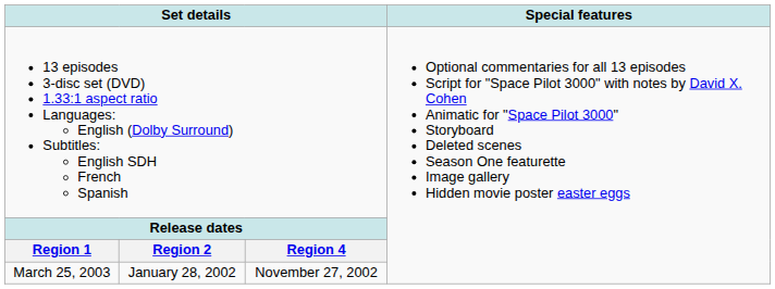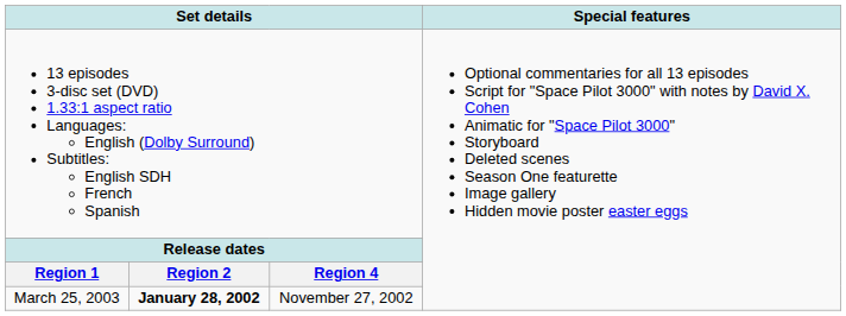 <table class="wikitable" style="width:55em;">
 <tr>
 <th style="background-color:#c9e7e9;" scope="col" colspan="3" width="50%">Set details</th>
 <th style="background-color:#c9e7e9;" scope="col" width="50%">Special features</th>
 </tr>
 <tr>
 <td valign="top" colspan="3" scope="row"><br><ul><li>13 episodes</li><li>3-disc set (DVD)</li><li><a href='#'>1.33:1 aspect ratio</a></li><li>Languages:<ul><li>English (<a href='#'>Dolby Surround</a>)</li></ul></li><li>Subtitles:<ul><li>English SDH</li><li>French</li><li>Spanish</li></ul></li></ul></td>
 <td valign="top" rowspan="4" scope="row"><br><ul><li>Optional commentaries for all 13 episodes</li><li>Script for "Space Pilot 3000" with notes by <a href='#'>David X. Cohen</a></li><li>Animatic for "<a href='#'>Space Pilot 3000</a>"</li><li>Storyboard</li><li>Deleted scenes</li><li>Season One featurette</li><li>Image gallery</li><li>Hidden movie poster <a href='#'>easter eggs</a></li></ul></td>
 </tr>
 <tr>
 <th style="background-color:#c9e7e9;" scope="col" colspan="3">Release dates</th>
 </tr>
 <tr>
 <th scope="col"><a href='#'>Region 1</a></th>
 <th scope="col"><a href='#'>Region 2</a></th>
 <th scope="col"><a href='#'>Region 4</a></th>
 </tr>
 <tr>
 <td scope="row" align="center">March 25, 2003</td>
-<td scope="row" align="center">January 28, 2002</td>
+<td scope="row" align="center"><strong>January 28, 2002</strong></td>
 <td scope="row" align="center">November 27, 2002</td>
 </tr>
 </table>
